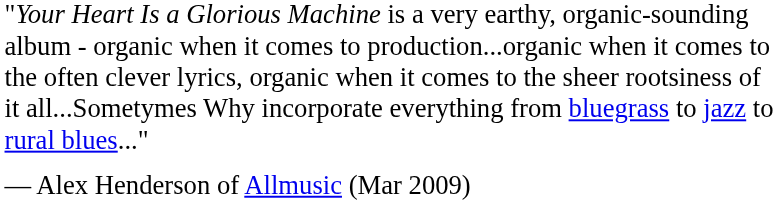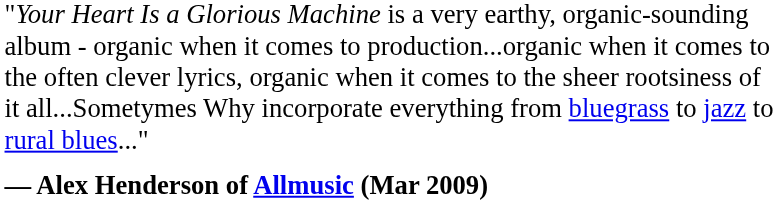 <table class="toccolours" style="float: right; margin-left: 2em; margin-right: 0em; font-size: 85%; background:offwhite; color:black; width:30em; max-width: 40%;" cellspacing="5">
 <tr>
 <td style="text-align: left;">"<em>Your Heart Is a Glorious Machine</em> is a very earthy, organic-sounding album - organic when it comes to production...organic when it comes to the often clever lyrics, organic when it comes to the sheer rootsiness of it all...Sometymes Why incorporate everything from <a href='#'>bluegrass</a> to <a href='#'>jazz</a> to <a href='#'>rural blues</a>..."</td>
 </tr>
 <tr>
-<td style="text-align: left;">—  Alex Henderson of <a href='#'>Allmusic</a> (Mar 2009)</td>
+<td style="text-align: left;"><strong>—  Alex Henderson of <a href='#'>Allmusic</a> (Mar 2009)</strong></td>
 </tr>
 </table>
